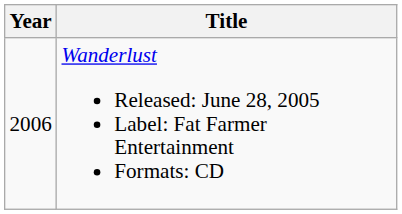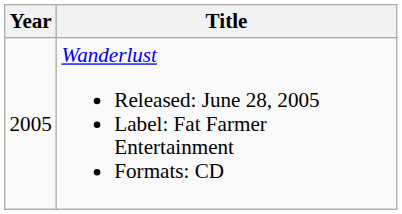 <table class="wikitable">
 <tr>
 <th>Year</th>
 <th width="250">Title</th>
 </tr>
 <tr>
-<td>2006</td>
+<td>2005</td>
 <td><em><a href='#'>Wanderlust</a></em><br><ul><li>Released: June 28, 2005</li><li>Label: Fat Farmer Entertainment</li><li>Formats: CD</li></ul></td>
 </tr>
 </table>
